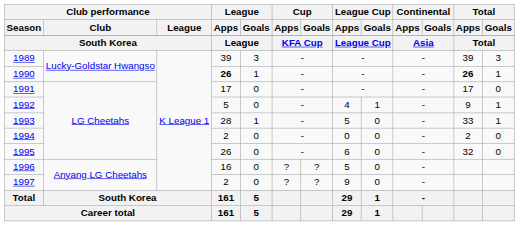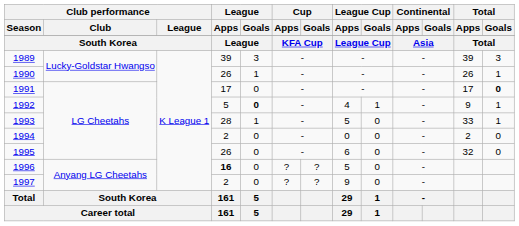 <table class="wikitable" style="text-align:center">
 <tr>
 <th colspan=3>Club performance</th>
 <th colspan=2>League</th>
 <th colspan=2>Cup</th>
 <th colspan=2>League Cup</th>
 <th colspan=2>Continental</th>
 <th colspan=2>Total</th>
 </tr>
 <tr>
 <th>Season</th>
 <th>Club</th>
 <th>League</th>
 <th>Apps</th>
 <th>Goals</th>
 <th>Apps</th>
 <th>Goals</th>
 <th>Apps</th>
 <th>Goals</th>
 <th>Apps</th>
 <th>Goals</th>
 <th>Apps</th>
 <th>Goals</th>
 </tr>
 <tr>
 </tr>
 <tr>
 <th colspan=3>South Korea</th>
 <th colspan=2>League</th>
 <th colspan=2><a href='#'>KFA Cup</a></th>
 <th colspan=2><a href='#'>League Cup</a></th>
 <th colspan=2><a href='#'>Asia</a></th>
 <th colspan=2>Total</th>
 </tr>
 <tr>
 <td><a href='#'>1989</a></td>
 <td rowspan="2"><a href='#'>Lucky-Goldstar Hwangso</a></td>
 <td rowspan="9"><a href='#'>K League 1</a></td>
 <td>39</td>
 <td>3</td>
 <td colspan="2">-</td>
 <td colspan="2">-</td>
 <td colspan="2">-</td>
 <td>39</td>
 <td>3</td>
 </tr>
 <tr>
 <td><a href='#'>1990</a></td>
-<td><strong>26</strong></td>
+<td>26</td>
 <td>1</td>
 <td colspan="2">-</td>
 <td colspan="2">-</td>
 <td colspan="2">-</td>
-<td><strong>26</strong></td>
+<td>26</td>
 <td>1</td>
 </tr>
 <tr>
 <td><a href='#'>1991</a></td>
 <td rowspan="5"><a href='#'>LG Cheetahs</a></td>
 <td>17</td>
 <td>0</td>
 <td colspan="2">-</td>
 <td colspan="2">-</td>
 <td colspan="2">-</td>
 <td>17</td>
-<td>0</td>
+<td><strong>0</strong></td>
 </tr>
 <tr>
 <td><a href='#'>1992</a></td>
 <td>5</td>
-<td>0</td>
+<td><strong>0</strong></td>
 <td colspan="2">-</td>
 <td>4</td>
 <td>1</td>
 <td colspan="2">-</td>
 <td>9</td>
 <td>1</td>
 </tr>
 <tr>
 <td><a href='#'>1993</a></td>
 <td>28</td>
 <td>1</td>
 <td colspan="2">-</td>
 <td>5</td>
 <td>0</td>
 <td colspan="2">-</td>
 <td>33</td>
 <td>1</td>
 </tr>
 <tr>
 <td><a href='#'>1994</a></td>
 <td>2</td>
 <td>0</td>
 <td colspan="2">-</td>
 <td>0</td>
 <td>0</td>
 <td colspan="2">-</td>
 <td>2</td>
 <td>0</td>
 </tr>
 <tr>
 <td><a href='#'>1995</a></td>
 <td>26</td>
 <td>0</td>
 <td colspan="2">-</td>
 <td>6</td>
 <td>0</td>
 <td colspan="2">-</td>
 <td>32</td>
 <td>0</td>
 </tr>
 <tr>
 <td><a href='#'>1996</a></td>
 <td rowspan="2"><a href='#'>Anyang LG Cheetahs</a></td>
-<td>16</td>
+<td><strong>16</strong></td>
 <td>0</td>
 <td>?</td>
 <td>?</td>
 <td>5</td>
 <td>0</td>
 <td colspan="2">-</td>
 <td></td>
 <td></td>
 </tr>
 <tr>
 <td><a href='#'>1997</a></td>
 <td>2</td>
 <td>0</td>
 <td>?</td>
 <td>?</td>
 <td>9</td>
 <td>0</td>
 <td colspan="2">-</td>
 <td></td>
 <td></td>
 </tr>
 <tr>
 <th rowspan=1>Total</th>
 <th colspan=2>South Korea</th>
 <th>161</th>
 <th>5</th>
 <th></th>
 <th></th>
 <th>29</th>
 <th>1</th>
 <th colspan="2">-</th>
 <th></th>
 <th></th>
 </tr>
 <tr>
 <th colspan=3>Career total</th>
 <th>161</th>
 <th>5</th>
 <th></th>
 <th></th>
 <th>29</th>
 <th>1</th>
 <th></th>
 <th></th>
 <th></th>
 <th></th>
 </tr>
 </table>
